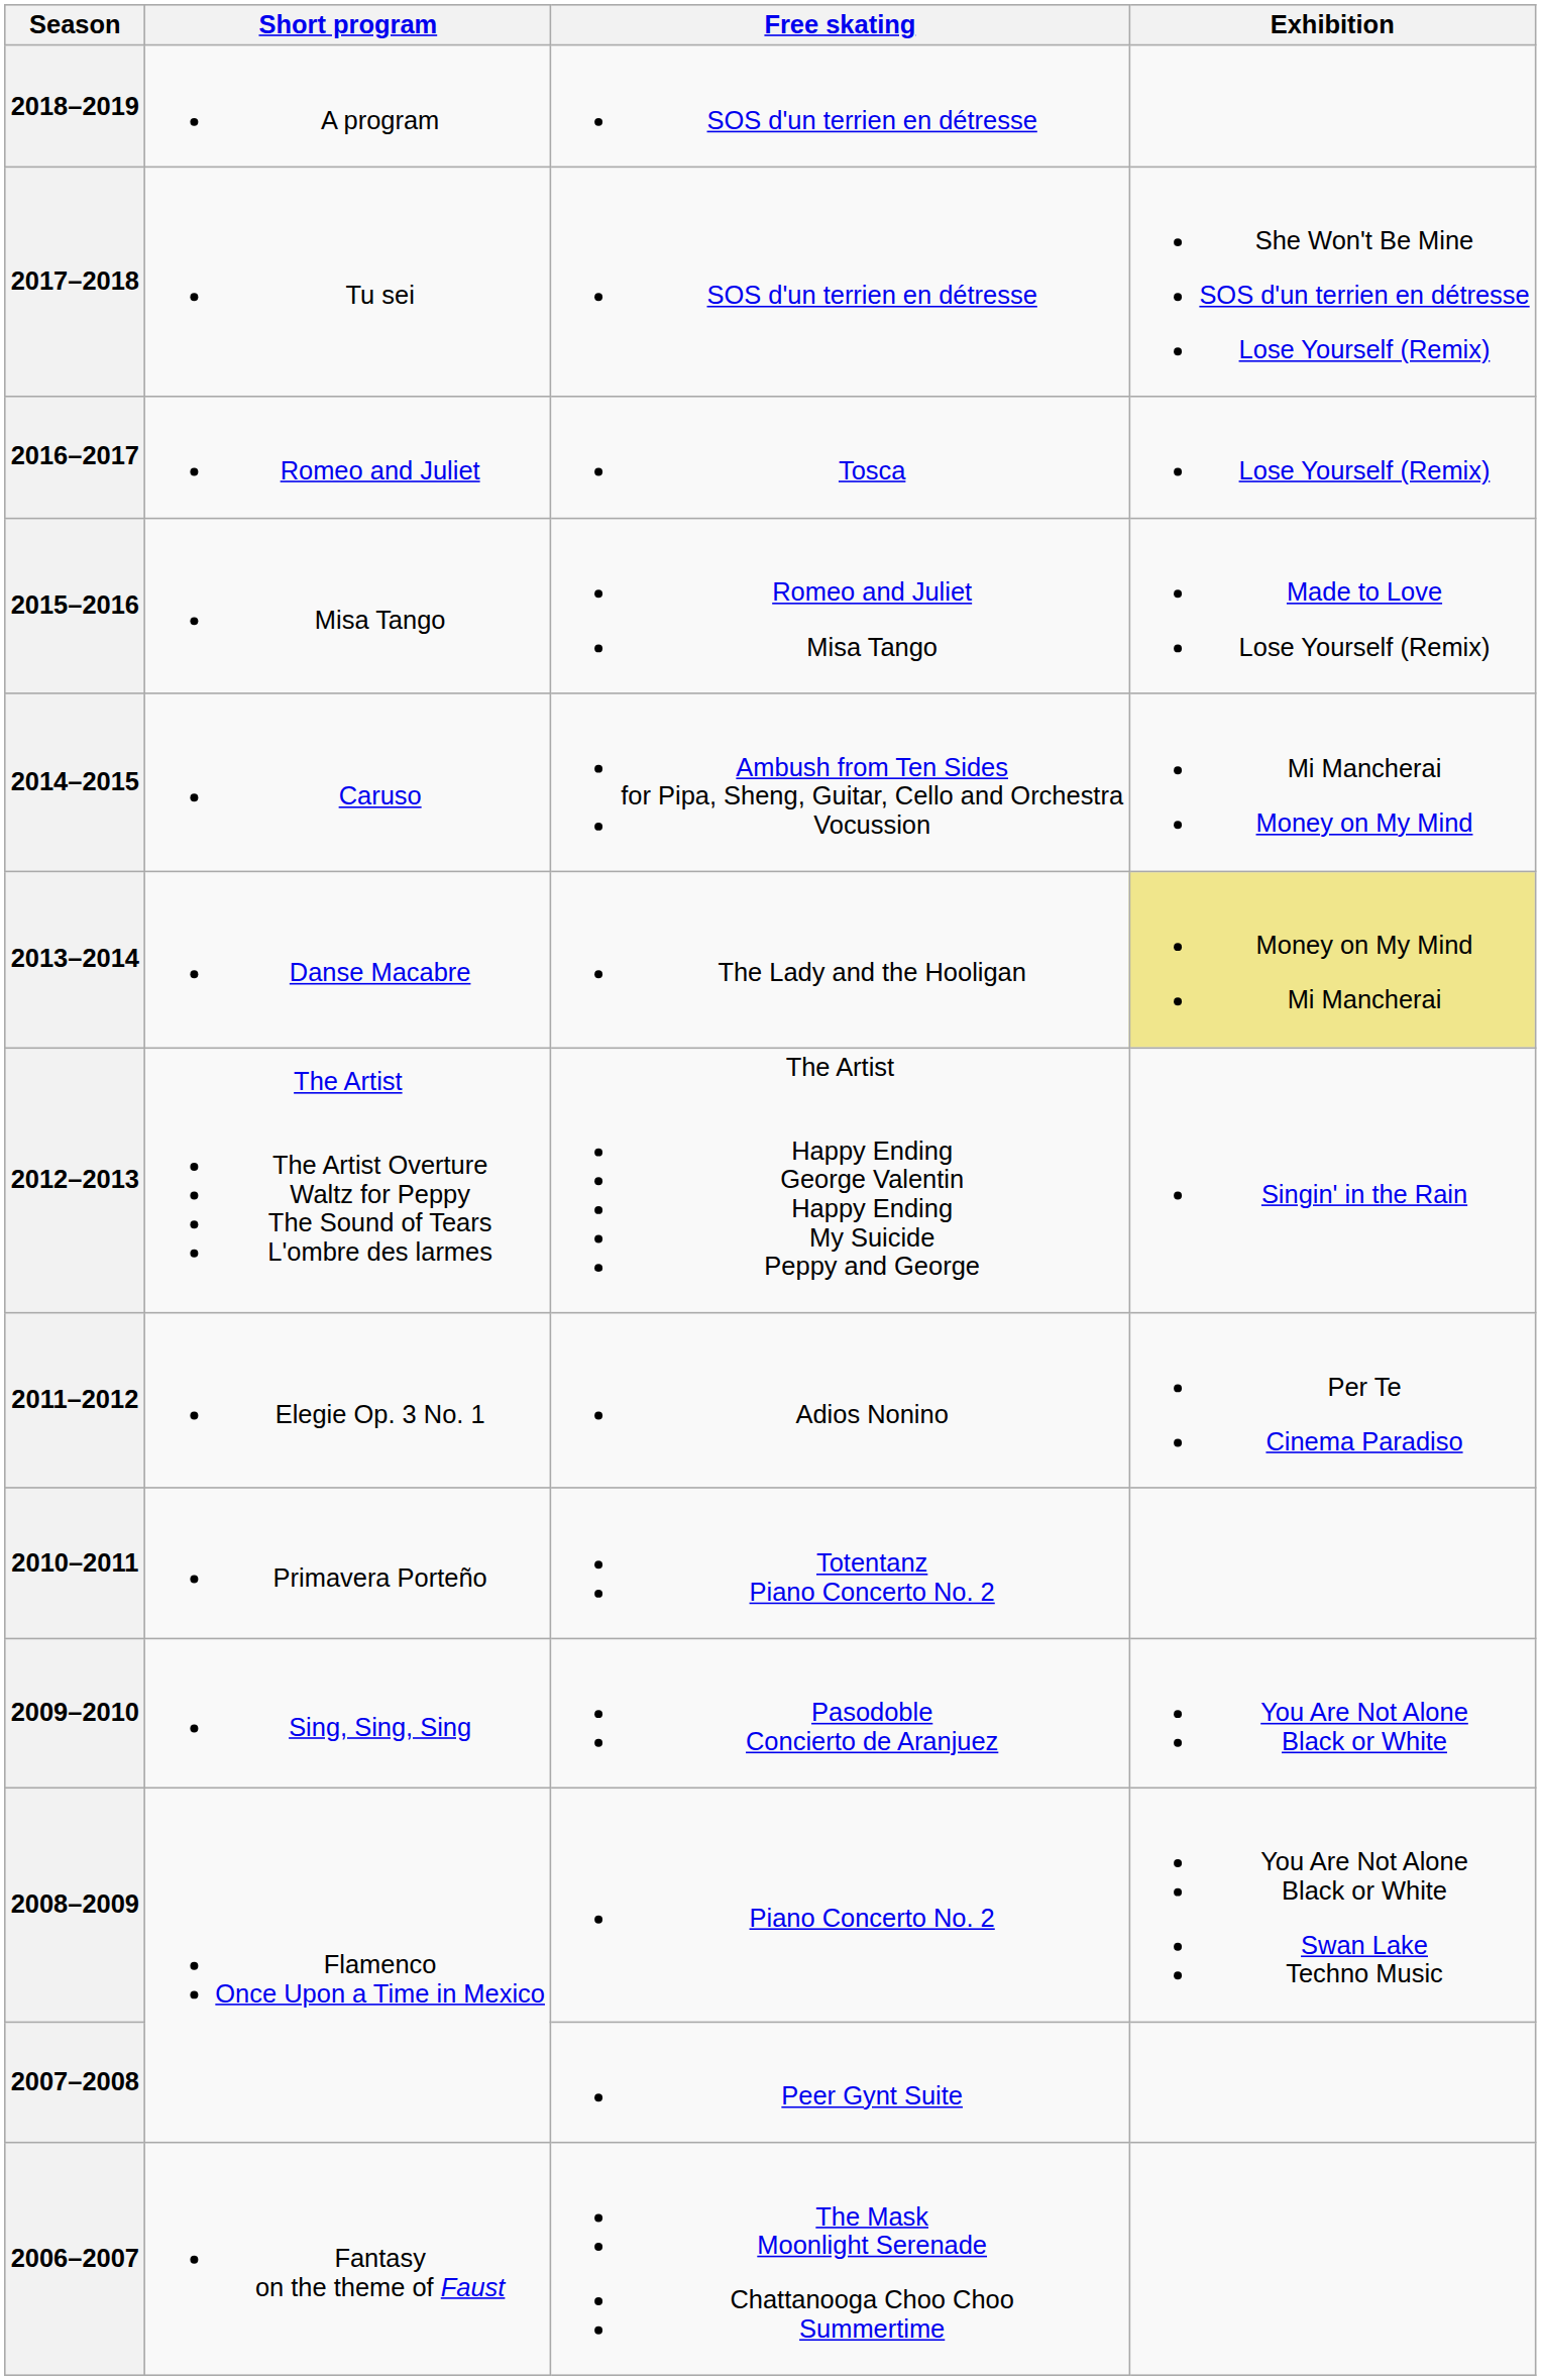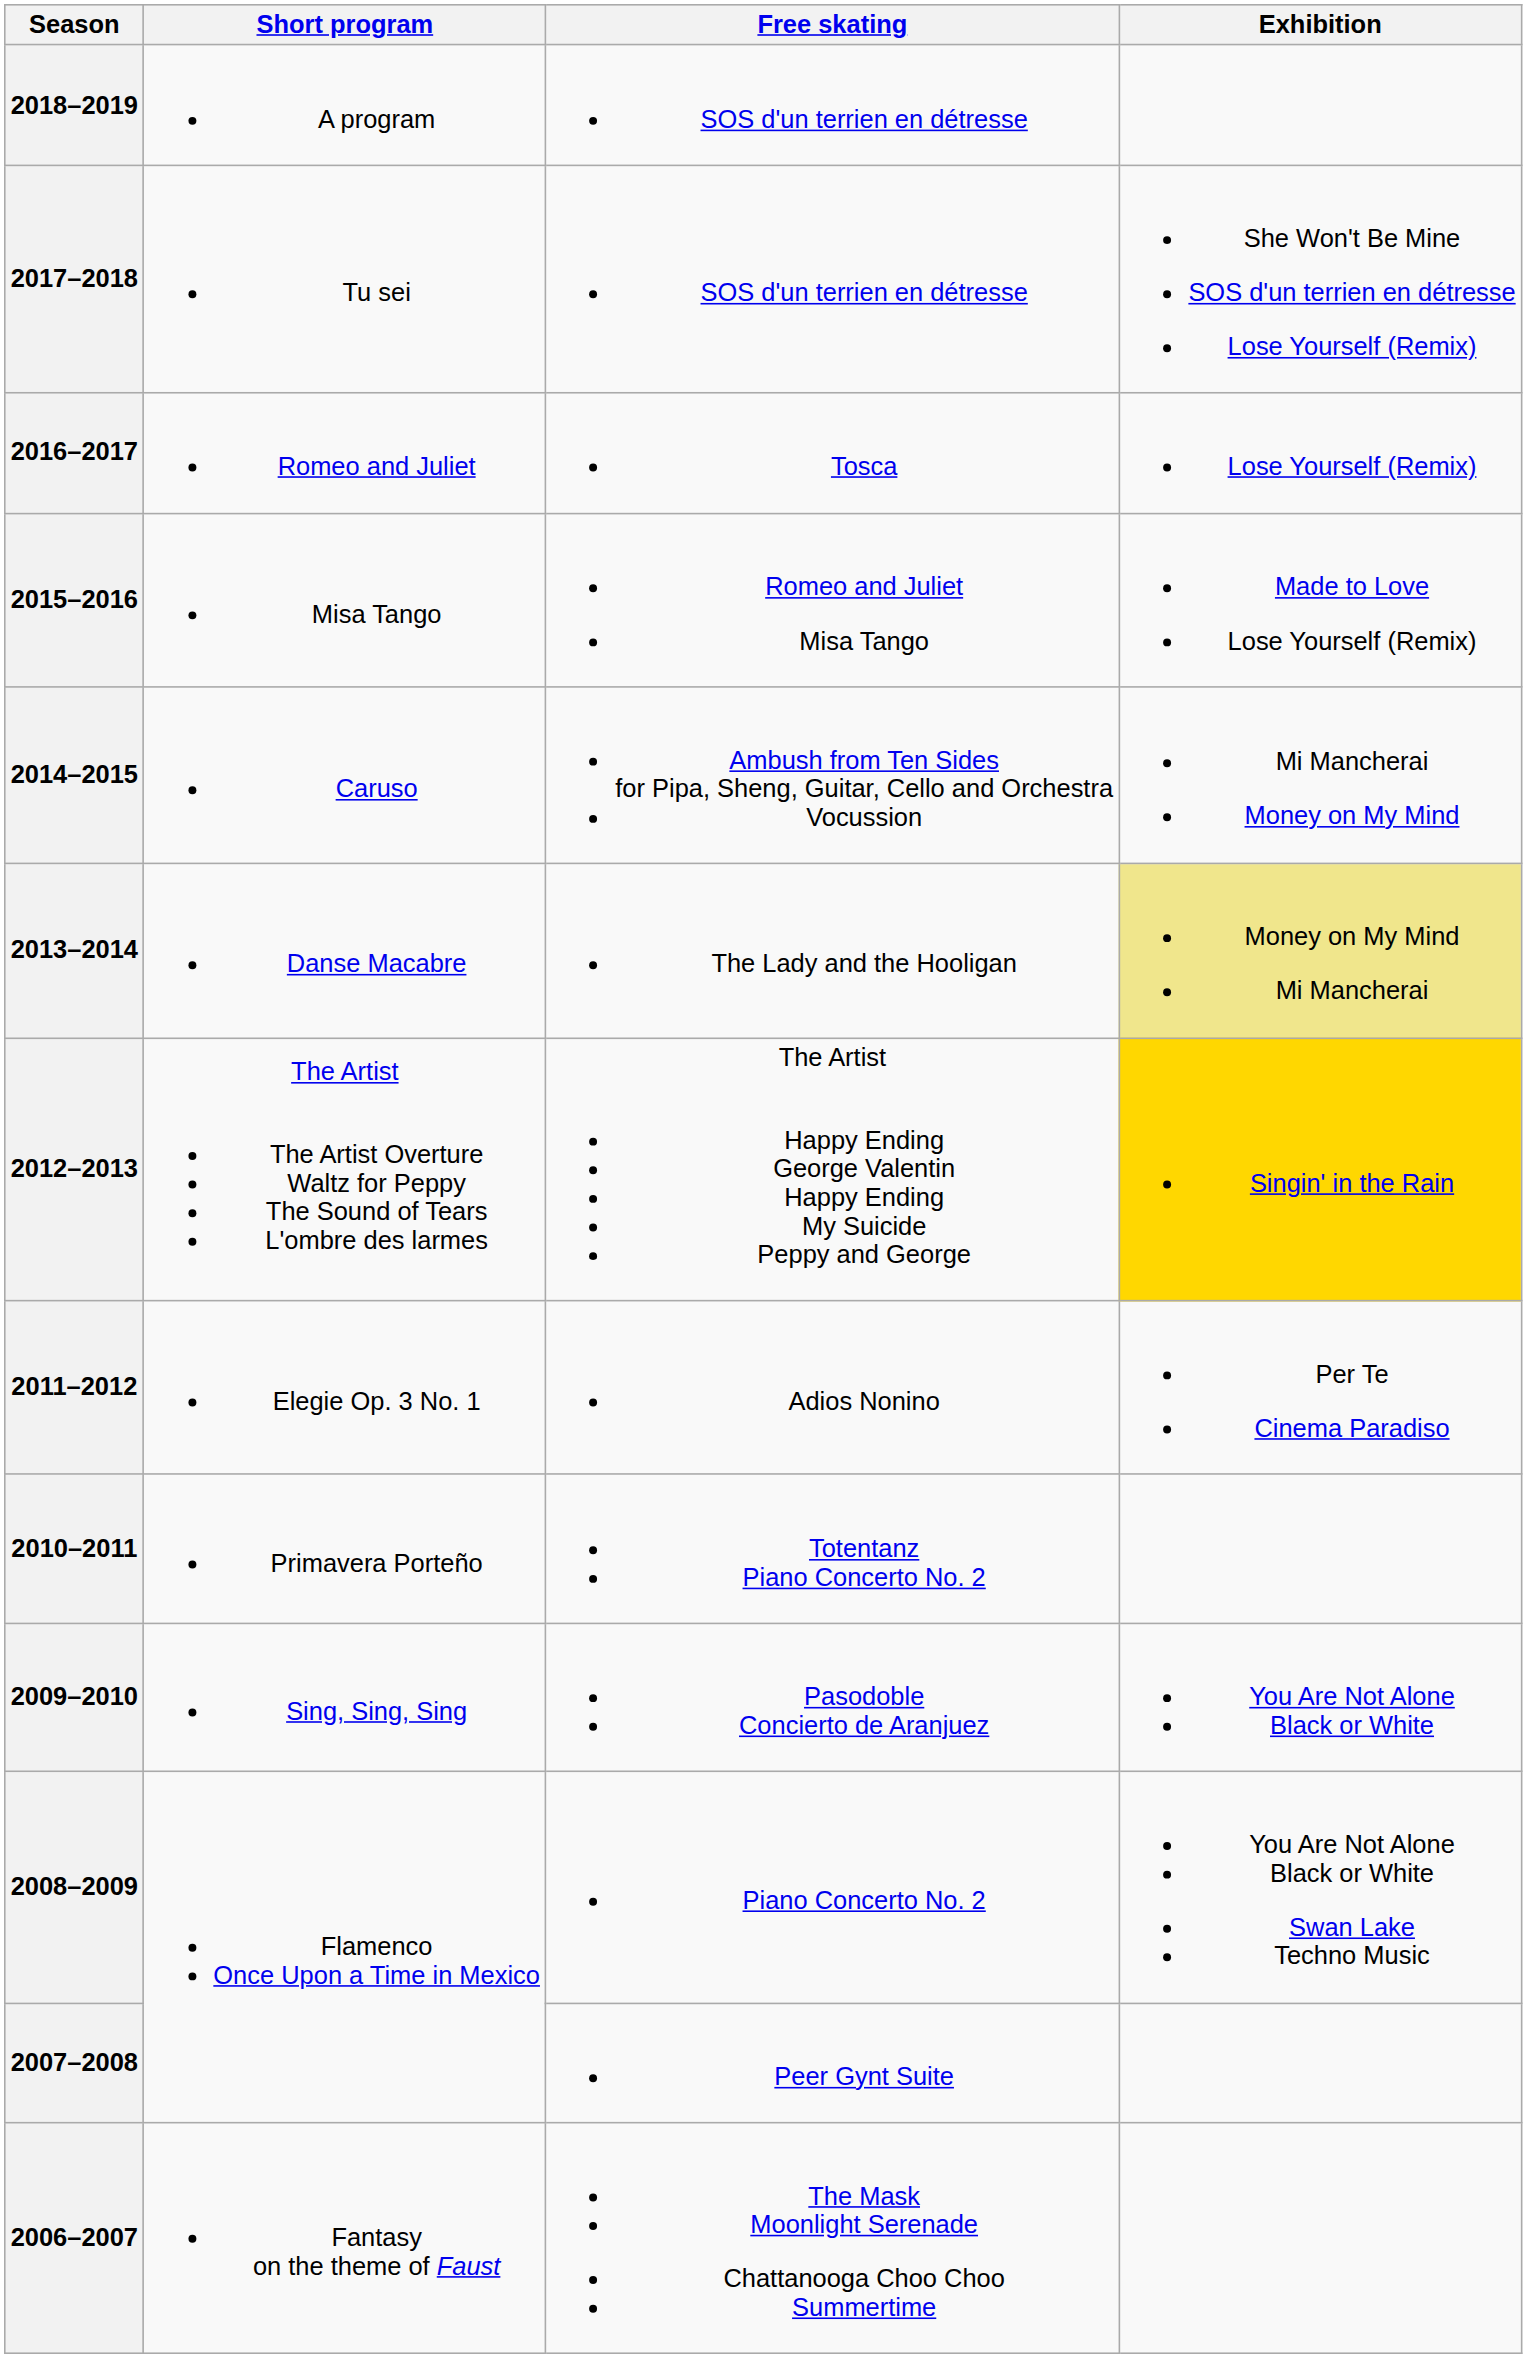 <table class="wikitable" style="text-align:center">
 <tr>
 <th>Season</th>
 <th><a href='#'>Short program</a></th>
 <th><a href='#'>Free skating</a></th>
 <th>Exhibition</th>
 </tr>
 <tr>
 <th>2018–2019 <br></th>
 <td><br><ul><li>A program <br></li></ul></td>
 <td><br><ul><li><a href='#'>SOS d'un terrien en détresse</a> <br></li></ul></td>
 <td></td>
 </tr>
 <tr>
 <th>2017–2018 <br></th>
 <td><br><ul><li>Tu sei <br></li></ul></td>
 <td><br><ul><li><a href='#'>SOS d'un terrien en détresse</a> <br></li></ul></td>
 <td><br><ul><li>She Won't Be Mine<br></li></ul><ul><li><a href='#'>SOS d'un terrien en détresse</a> <br></li></ul><ul><li><a href='#'>Lose Yourself (Remix)</a><br></li></ul></td>
 </tr>
 <tr>
 <th>2016–2017 <br></th>
 <td><br><ul><li><a href='#'>Romeo and Juliet</a> <br></li></ul></td>
 <td><br><ul><li><a href='#'>Tosca</a> <br></li></ul></td>
 <td><br><ul><li><a href='#'>Lose Yourself (Remix)</a> <br></li></ul></td>
 </tr>
 <tr>
 <th>2015–2016<br></th>
 <td><br><ul><li>Misa Tango <br></li></ul></td>
 <td><br><ul><li><a href='#'>Romeo and Juliet</a> <br></li></ul><ul><li>Misa Tango <br></li></ul></td>
 <td><br><ul><li><a href='#'>Made to Love</a> <br></li></ul><ul><li>Lose Yourself (Remix) <br></li></ul></td>
 </tr>
 <tr>
 <th>2014–2015<br></th>
 <td><br><ul><li><a href='#'>Caruso</a> <br></li></ul></td>
 <td><br><ul><li><a href='#'>Ambush from Ten Sides</a><br>for Pipa, Sheng, Guitar, Cello and Orchestra <br></li><li>Vocussion <br></li></ul></td>
 <td><br><ul><li>Mi Mancherai <br></li></ul><ul><li><a href='#'>Money on My Mind</a> <br></li></ul></td>
 </tr>
 <tr>
 <th>2013–2014<br></th>
 <td><br><ul><li><a href='#'>Danse Macabre</a> <br></li></ul></td>
 <td><br><ul><li>The Lady and the Hooligan <br></li></ul></td>
 <td style="background: khaki;"><br><ul><li>Money on My Mind <br></li></ul><ul><li>Mi Mancherai <br></li></ul></td>
 </tr>
 <tr>
 <th>2012–2013<br></th>
 <td><a href='#'>The Artist</a> <br><br><ul><li>The Artist Overture</li><li>Waltz for Peppy</li><li>The Sound of Tears</li><li>L'ombre des larmes <br></li></ul></td>
 <td>The Artist <br><br><ul><li>Happy Ending</li><li>George Valentin</li><li>Happy Ending</li><li>My Suicide</li><li>Peppy and George <br></li></ul></td>
-<td><br><ul><li><a href='#'>Singin' in the Rain</a> <br></li></ul></td>
+<td style="background: gold;"><br><ul><li><a href='#'>Singin' in the Rain</a> <br></li></ul></td>
 </tr>
 <tr>
 <th>2011–2012<br></th>
 <td><br><ul><li>Elegie Op. 3 No. 1 <br></li></ul></td>
 <td><br><ul><li>Adios Nonino <br></li></ul></td>
 <td><br><ul><li>Per Te <br></li></ul><ul><li><a href='#'>Cinema Paradiso</a> <br></li></ul></td>
 </tr>
 <tr>
 <th>2010–2011<br></th>
 <td><br><ul><li>Primavera Porteño <br></li></ul></td>
 <td><br><ul><li><a href='#'>Totentanz</a> <br></li><li><a href='#'>Piano Concerto No. 2</a> <br></li></ul></td>
 <td></td>
 </tr>
 <tr>
 <th>2009–2010<br></th>
 <td><br><ul><li><a href='#'>Sing, Sing, Sing</a> <br></li></ul></td>
 <td><br><ul><li><a href='#'>Pasodoble</a></li><li><a href='#'>Concierto de Aranjuez</a> <br></li></ul></td>
 <td><br><ul><li><a href='#'>You Are Not Alone</a></li><li><a href='#'>Black or White</a> <br></li></ul></td>
 </tr>
 <tr>
 <th>2008–2009<br></th>
 <td rowspan=2><br><ul><li>Flamenco</li><li><a href='#'>Once Upon a Time in Mexico</a><br></li></ul></td>
 <td><br><ul><li><a href='#'>Piano Concerto No. 2</a> <br></li></ul></td>
 <td><br><ul><li>You Are Not Alone</li><li>Black or White <br></li></ul><ul><li><a href='#'>Swan Lake</a></li><li>Techno Music <br></li></ul></td>
 </tr>
 <tr>
 <th>2007–2008<br></th>
 <td><br><ul><li><a href='#'>Peer Gynt Suite</a> <br></li></ul></td>
 <td></td>
 </tr>
 <tr>
 <th>2006–2007<br></th>
 <td><br><ul><li>Fantasy<br>on the theme of <em><a href='#'>Faust</a></em><br></li></ul></td>
 <td><br><ul><li><a href='#'>The Mask</a> <br></li><li><a href='#'>Moonlight Serenade</a> <br></li></ul><ul><li>Chattanooga Choo Choo</li><li><a href='#'>Summertime</a> <br></li></ul></td>
 <td></td>
 </tr>
 </table>
